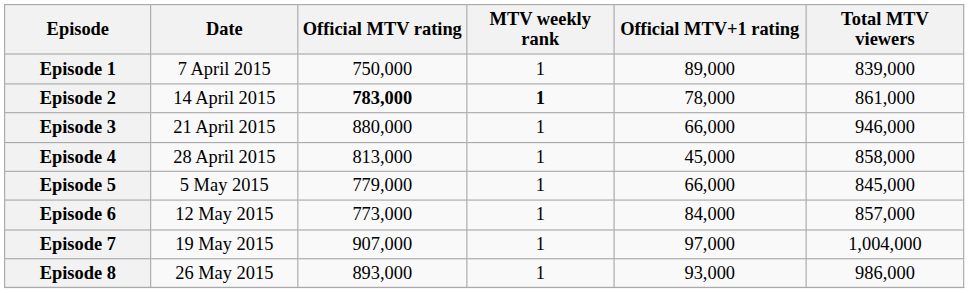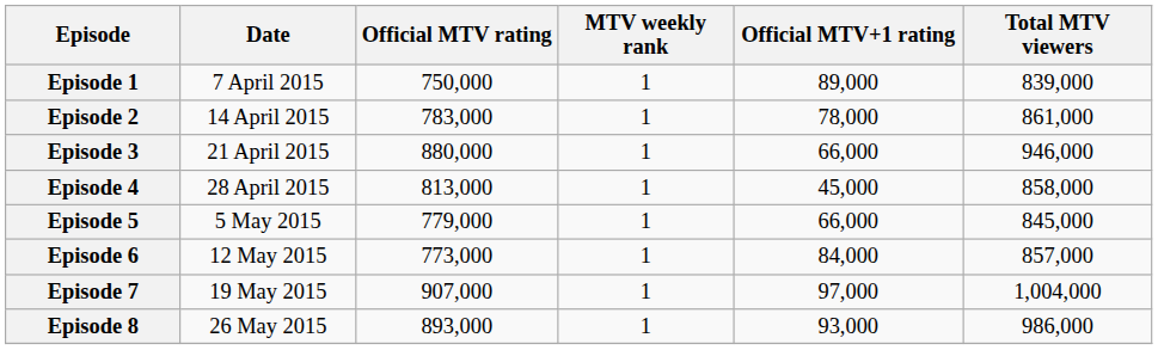 <table class="wikitable sortable" style="text-align:center">
 <tr>
 <th scope="col" style="width:120px;">Episode</th>
 <th scope="col" style="width:120px;">Date</th>
 <th scope="col" style="width:140px;">Official MTV rating</th>
 <th scope="col" style="width:120px;">MTV weekly rank</th>
 <th scope="col" style="width:160px;">Official MTV+1 rating</th>
 <th scope="col" style="width:130px;">Total MTV viewers</th>
 </tr>
 <tr>
 <th scope="row">Episode 1</th>
 <td>7 April 2015</td>
 <td>750,000</td>
 <td>1</td>
 <td>89,000</td>
 <td>839,000</td>
 </tr>
 <tr>
 <th scope="row">Episode 2</th>
 <td>14 April 2015</td>
-<td><strong>783,000</strong></td>
-<td><strong>1</strong></td>
+<td>783,000</td>
+<td>1</td>
 <td>78,000</td>
 <td>861,000</td>
 </tr>
 <tr>
 <th scope="row">Episode 3</th>
 <td>21 April 2015</td>
 <td>880,000</td>
 <td>1</td>
 <td>66,000</td>
 <td>946,000</td>
 </tr>
 <tr>
 <th scope="row">Episode 4</th>
 <td>28 April 2015</td>
 <td>813,000</td>
 <td>1</td>
 <td>45,000</td>
 <td>858,000</td>
 </tr>
 <tr>
 <th scope="row">Episode 5</th>
 <td>5 May 2015</td>
 <td>779,000</td>
 <td>1</td>
 <td>66,000</td>
 <td>845,000</td>
 </tr>
 <tr>
 <th scope="row">Episode 6</th>
 <td>12 May 2015</td>
 <td>773,000</td>
 <td>1</td>
 <td>84,000</td>
 <td>857,000</td>
 </tr>
 <tr>
 <th scope="row">Episode 7</th>
 <td>19 May 2015</td>
 <td>907,000</td>
 <td>1</td>
 <td>97,000</td>
 <td>1,004,000</td>
 </tr>
 <tr>
 <th scope="row">Episode 8</th>
 <td>26 May 2015</td>
 <td>893,000</td>
 <td>1</td>
 <td>93,000</td>
 <td>986,000</td>
 </tr>
 <tr>
 </tr>
 </table>
